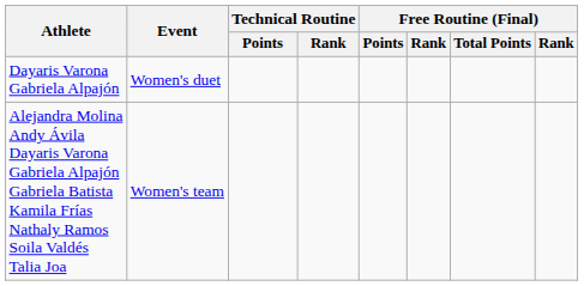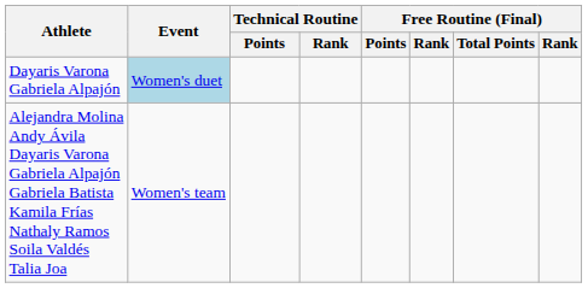 <table class=wikitable style="font-size:90%">
 <tr>
 <th rowspan="2">Athlete</th>
 <th rowspan="2">Event</th>
 <th colspan="2">Technical Routine</th>
 <th colspan="4">Free Routine (Final)</th>
 </tr>
 <tr style="font-size:95%">
 <th>Points</th>
 <th>Rank</th>
 <th>Points</th>
 <th>Rank</th>
 <th>Total Points</th>
 <th>Rank</th>
 </tr>
 <tr align=center>
 <td align=left><a href='#'>Dayaris Varona</a><br><a href='#'>Gabriela Alpajón</a></td>
-<td align=left><a href='#'>Women's duet</a></td>
+<td align=left style="background: lightblue;"><a href='#'>Women's duet</a></td>
 <td></td>
 <td></td>
 <td></td>
 <td></td>
 <td></td>
 <td></td>
 </tr>
 <tr align=center>
 <td align=left><a href='#'>Alejandra Molina</a><br><a href='#'>Andy Ávila</a><br><a href='#'>Dayaris Varona</a><br><a href='#'>Gabriela Alpajón</a><br><a href='#'>Gabriela Batista</a><br><a href='#'>Kamila Frías</a><br><a href='#'>Nathaly Ramos</a><br><a href='#'>Soila Valdés</a><br><a href='#'>Talia Joa</a></td>
 <td align=left><a href='#'>Women's team</a></td>
 <td></td>
 <td></td>
 <td></td>
 <td></td>
 <td></td>
 <td></td>
 </tr>
 </table>
